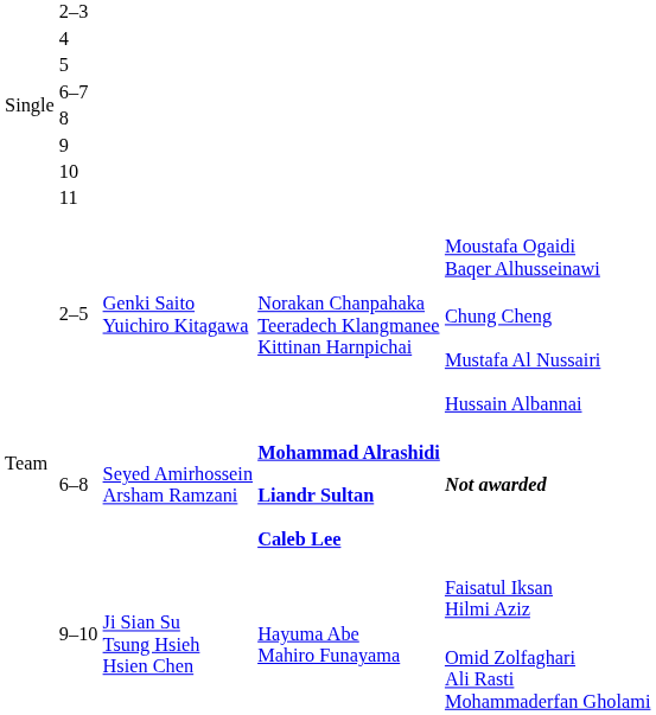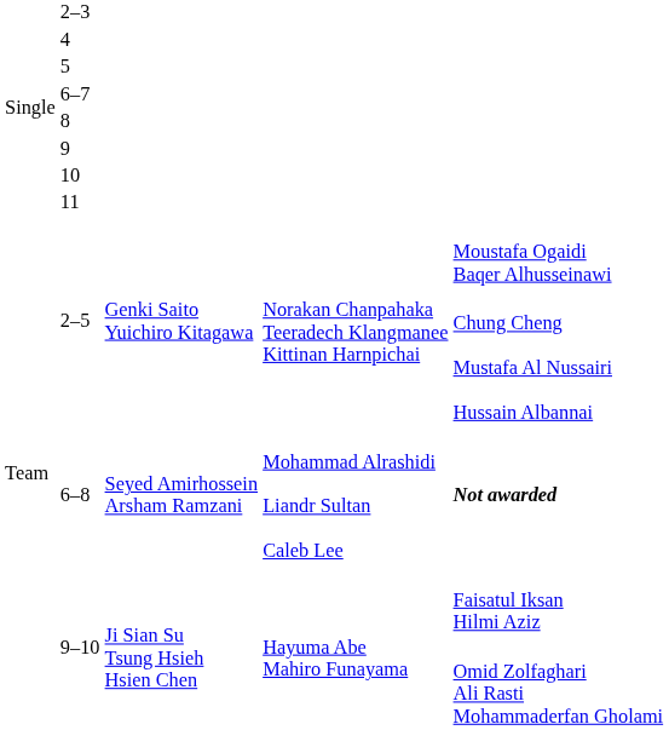 <table>
 <tr>
 <td rowspan=13>Single</td>
 <td>2–3</td>
 <td></td>
 <td></td>
 <td></td>
 </tr>
 <tr>
 <td>4</td>
 <td></td>
 <td></td>
 <td></td>
 </tr>
 <tr>
 <td>5</td>
 <td></td>
 <td></td>
 <td></td>
 </tr>
 <tr>
 <td rowspan=2>6–7</td>
 <td rowspan=2></td>
 <td rowspan=2></td>
 <td></td>
 </tr>
 <tr>
 <td></td>
 </tr>
 <tr>
 <td rowspan=2>8</td>
 <td rowspan=2></td>
 <td rowspan=2></td>
 <td></td>
 </tr>
 <tr>
 <td></td>
 </tr>
 <tr>
 <td rowspan=2>9</td>
 <td rowspan=2></td>
 <td rowspan=2></td>
 <td></td>
 </tr>
 <tr>
 <td></td>
 </tr>
 <tr>
 <td rowspan=2>10</td>
 <td rowspan=2></td>
 <td rowspan=2></td>
 <td></td>
 </tr>
 <tr>
 <td></td>
 </tr>
 <tr>
 <td rowspan=2>11</td>
 <td rowspan=2></td>
 <td rowspan=2></td>
 <td></td>
 </tr>
 <tr>
 <td></td>
 </tr>
 <tr>
 <td rowspan=6>Team</td>
 <td rowspan=2>2–5</td>
 <td rowspan=2 nowrap><br><a href='#'>Genki Saito</a><br><a href='#'>Yuichiro Kitagawa</a><br> </td>
 <td rowspan=2><br><a href='#'>Norakan Chanpahaka</a><br><a href='#'>Teeradech Klangmanee</a><br><a href='#'>Kittinan Harnpichai</a></td>
 <td><br><a href='#'>Moustafa Ogaidi</a><br><a href='#'>Baqer Alhusseinawi</a></td>
 </tr>
 <tr>
 <td><br><a href='#'>Chung Cheng</a><br><br><a href='#'>Mustafa Al Nussairi</a><br><br><a href='#'>Hussain Albannai</a></td>
 </tr>
 <tr>
 <td>6–8</td>
 <td nowrap><br><a href='#'>Seyed Amirhossein</a><br><a href='#'>Arsham Ramzani</a><br> </td>
-<td><strong><br><a href='#'>Mohammad Alrashidi</a><br><br><a href='#'>Liandr Sultan</a><br><br><a href='#'>Caleb Lee</a></strong></td>
+<td><br><a href='#'>Mohammad Alrashidi</a><br><br><a href='#'>Liandr Sultan</a><br><br><a href='#'>Caleb Lee</a></td>
 <td><strong><em>Not awarded</em></strong></td>
 </tr>
 <tr>
 <td rowspan=2>9–10</td>
 <td rowspan=2 nowrap><br><a href='#'>Ji Sian Su</a><br><a href='#'>Tsung Hsieh</a><br><a href='#'>Hsien Chen</a> </td>
 <td rowspan=2><br><a href='#'>Hayuma Abe</a><br><a href='#'>Mahiro Funayama</a></td>
 <td><br><a href='#'>Faisatul Iksan</a><br><a href='#'>Hilmi Aziz</a></td>
 </tr>
 <tr>
 <td><br><a href='#'>Omid Zolfaghari</a><br><a href='#'>Ali Rasti</a><br><a href='#'>Mohammaderfan Gholami</a></td>
 </tr>
 </table>
